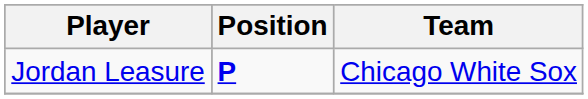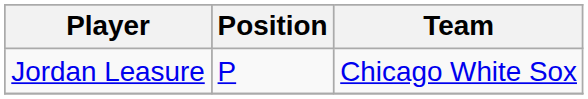 <table class="wikitable sortable" style="text-align: left;">
 <tr>
 <th>Player</th>
 <th>Position</th>
 <th>Team</th>
 </tr>
 <tr>
 <td><a href='#'>Jordan Leasure</a></td>
-<td><strong><a href='#'>P</a></strong></td>
+<td><a href='#'>P</a></td>
 <td><a href='#'>Chicago White Sox</a></td>
 </tr>
 <tr>
 </tr>
 </table>
